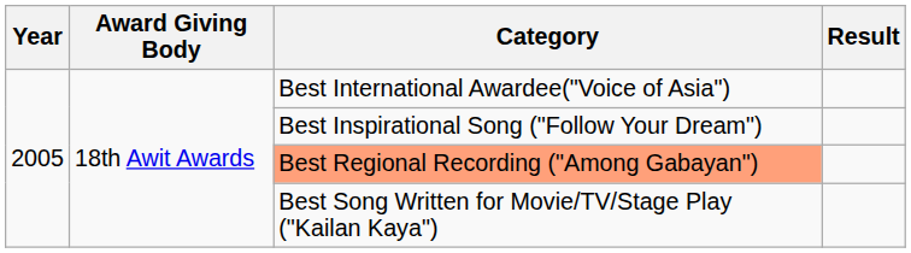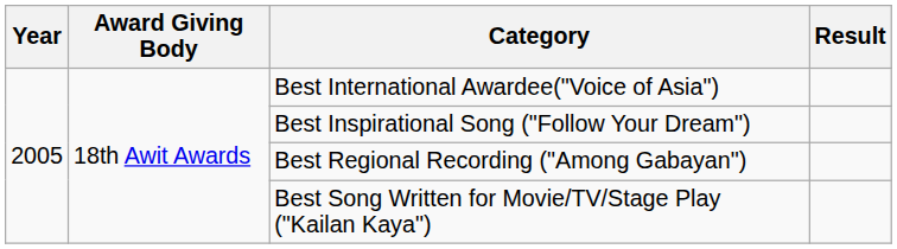 <table class="wikitable">
 <tr>
 <th>Year</th>
 <th>Award Giving Body</th>
 <th>Category</th>
 <th>Result</th>
 </tr>
 <tr>
 <td rowspan="4">2005</td>
 <td rowspan="4">18th <a href='#'>Awit Awards</a></td>
 <td>Best International Awardee("Voice of Asia")</td>
 <td></td>
 </tr>
 <tr>
 <td>Best Inspirational Song ("Follow Your Dream")</td>
 <td></td>
 </tr>
 <tr>
-<td style="background: lightsalmon;">Best Regional Recording ("Among Gabayan")</td>
+<td>Best Regional Recording ("Among Gabayan")</td>
 <td></td>
 </tr>
 <tr>
 <td>Best Song Written for Movie/TV/Stage Play ("Kailan Kaya")</td>
 <td></td>
 </tr>
 </table>
